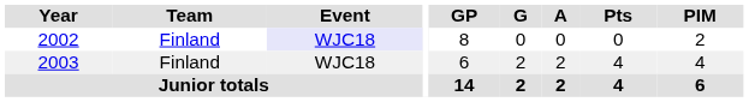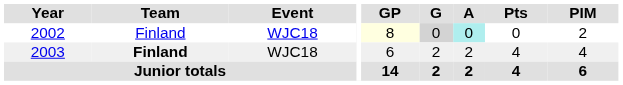 <table border="0" cellpadding="1" cellspacing="0" ID="Table3" style="text-align:center; width:40em">
 <tr ALIGN="center" bgcolor="#e0e0e0">
 <th>Year</th>
 <th>Team</th>
 <th>Event</th>
 <th rowspan="99" bgcolor="#ffffff"></th>
 <th>GP</th>
 <th>G</th>
 <th>A</th>
 <th>Pts</th>
 <th>PIM</th>
 </tr>
 <tr>
 <td><a href='#'>2002</a></td>
 <td><a href='#'>Finland</a></td>
-<td style="background: lavender;"><a href='#'>WJC18</a></td>
-<td>8</td>
-<td>0</td>
-<td>0</td>
+<td><a href='#'>WJC18</a></td>
+<td style="background: lightyellow;">8</td>
+<td style="background: lightgrey;">0</td>
+<td style="background: paleturquoise;">0</td>
 <td>0</td>
 <td>2</td>
 </tr>
 <tr bgcolor="#f0f0f0">
 <td><a href='#'>2003</a></td>
-<td>Finland</td>
+<td><strong>Finland</strong></td>
 <td>WJC18</td>
 <td>6</td>
 <td>2</td>
 <td>2</td>
 <td>4</td>
 <td>4</td>
 </tr>
 <tr bgcolor="#e0e0e0">
 <th colspan="3">Junior totals</th>
 <th>14</th>
 <th>2</th>
 <th>2</th>
 <th>4</th>
 <th>6</th>
 </tr>
 </table>
